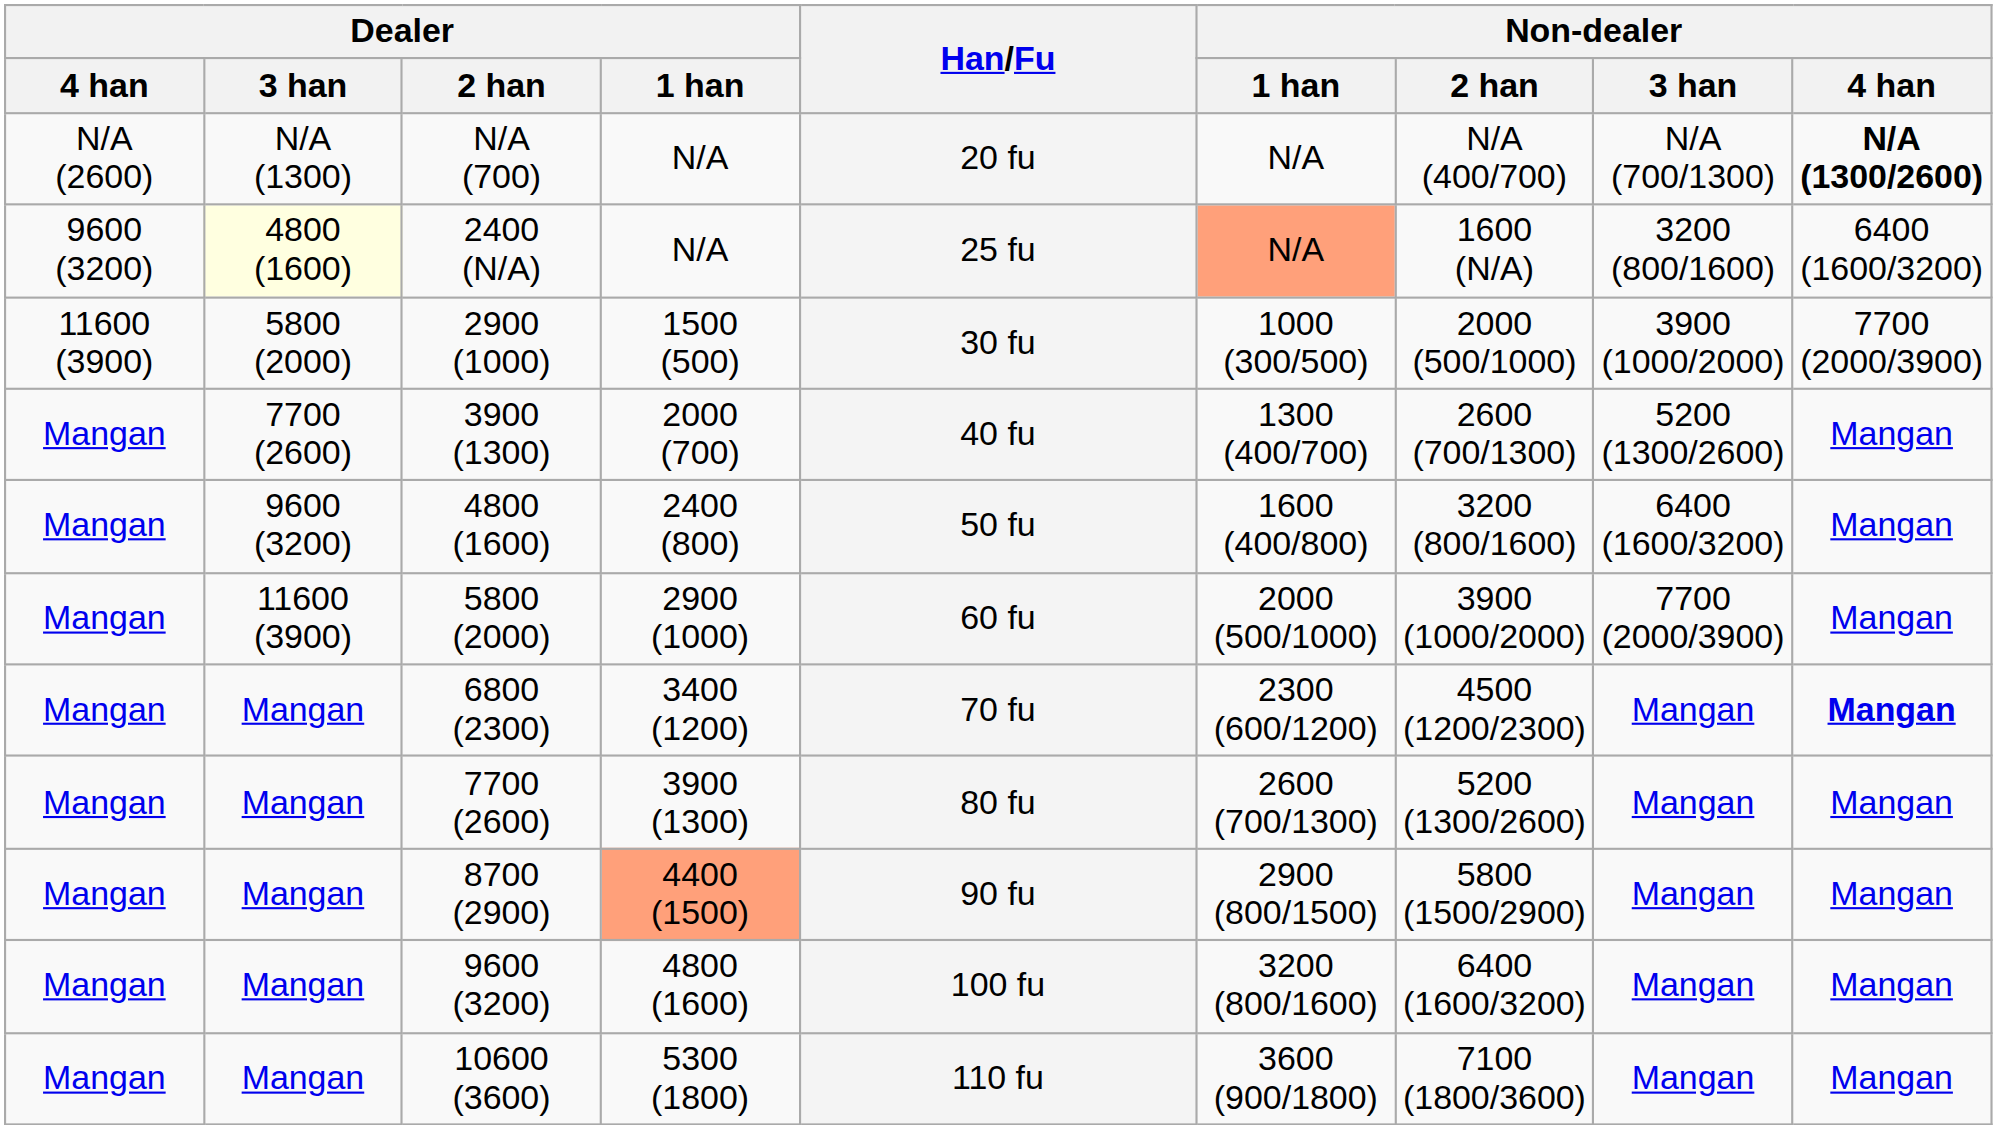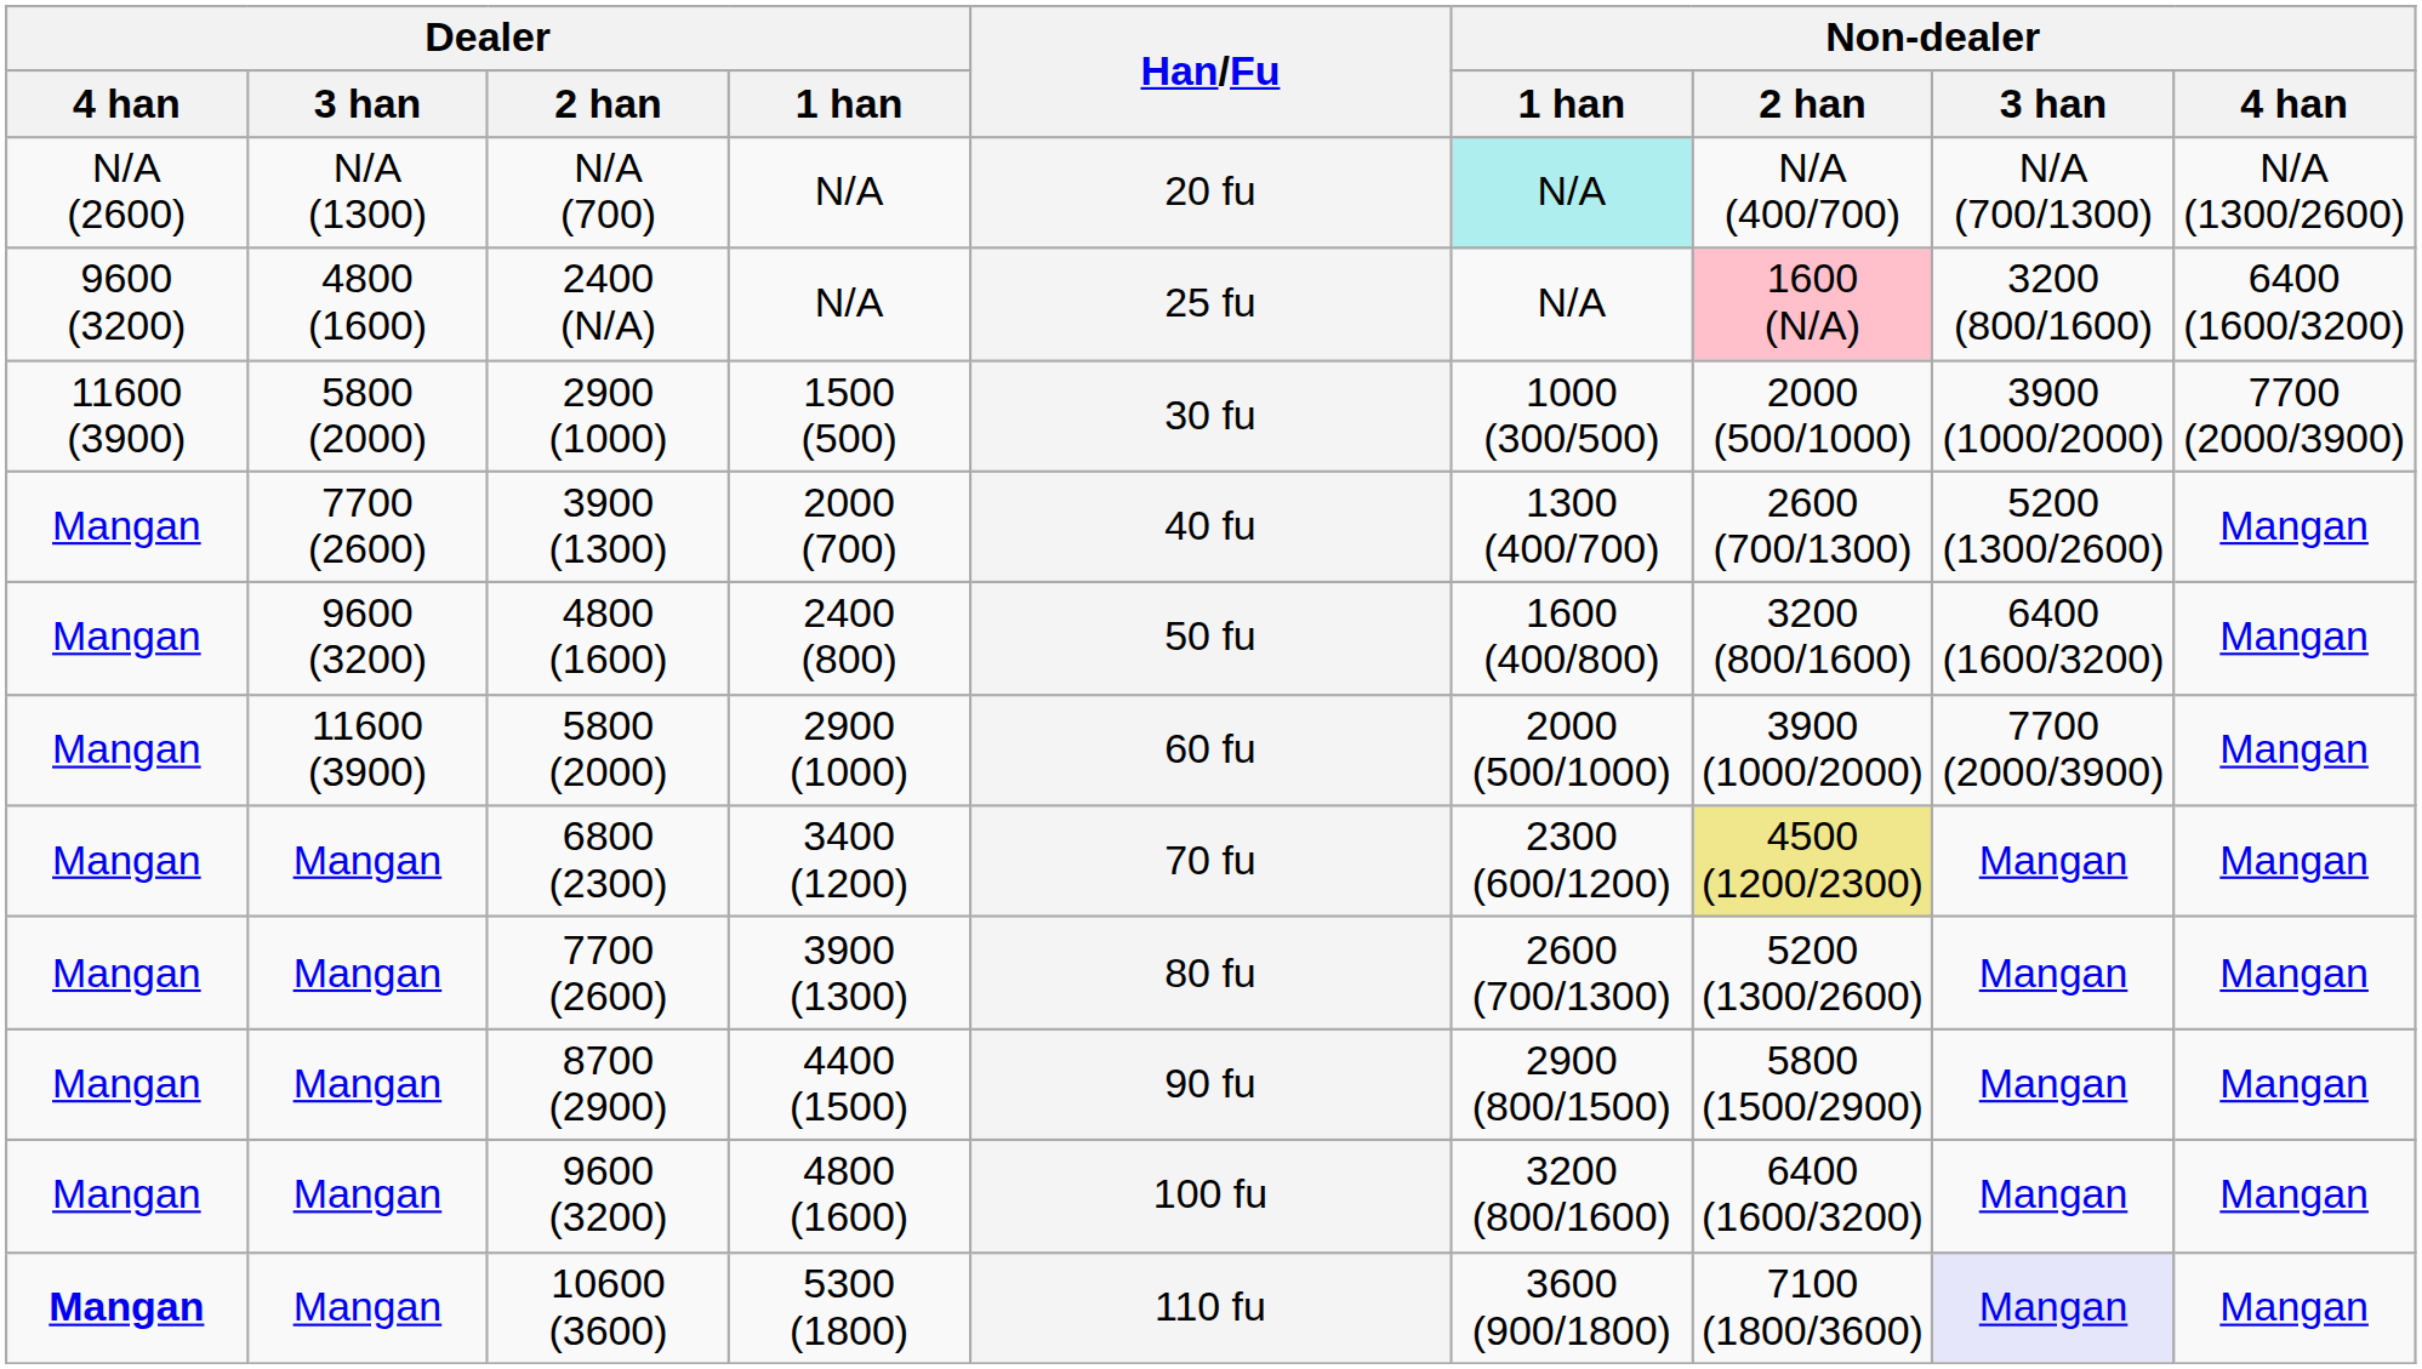 <table class="wikitable" border="1">
 <tr>
 <th colspan="4">Dealer</th>
 <th rowspan="2"><a href='#'>Han</a>/<a href='#'>Fu</a></th>
 <th colspan="4">Non-dealer</th>
 </tr>
 <tr>
 <th>4 han</th>
 <th>3 han</th>
 <th>2 han</th>
 <th>1 han</th>
 <th>1 han</th>
 <th>2 han</th>
 <th>3 han</th>
 <th>4 han</th>
 </tr>
 <tr align="center">
 <td width="10%">N/A <br> (2600)</td>
 <td width="10%">N/A <br> (1300)</td>
 <td width="10%">N/A <br> (700)</td>
 <td width="10%">N/A</td>
 <td style="background: #F4F4F4">20 fu</td>
-<td width="10%">N/A</td>
+<td width="10%" style="background: paleturquoise;">N/A</td>
 <td width="10%">N/A <br> (400/700)</td>
 <td width="10%">N/A <br> (700/1300)</td>
-<td width="10%"><strong>N/A <br> (1300/2600)</strong></td>
+<td width="10%">N/A <br> (1300/2600)</td>
 </tr>
 <tr align="center">
 <td>9600 <br> (3200)</td>
-<td style="background: lightyellow;">4800 <br> (1600)</td>
+<td>4800 <br> (1600)</td>
 <td>2400 <br> (N/A)</td>
 <td>N/A</td>
 <td style="background: #F4F4F4">25 fu</td>
-<td style="background: lightsalmon;">N/A</td>
-<td>1600 <br> (N/A)</td>
+<td>N/A</td>
+<td style="background: pink;">1600 <br> (N/A)</td>
 <td>3200<br> (800/1600)</td>
 <td>6400 <br> (1600/3200)</td>
 </tr>
 <tr align="center">
 <td>11600 <br> (3900)</td>
 <td>5800 <br> (2000)</td>
 <td>2900 <br> (1000)</td>
 <td>1500 <br> (500)</td>
 <td style="background: #F4F4F4">30 fu</td>
 <td>1000 <br> (300/500)</td>
 <td>2000 <br> (500/1000)</td>
 <td>3900 <br> (1000/2000)</td>
 <td>7700 <br> (2000/3900)</td>
 </tr>
 <tr align="center">
 <td><a href='#'>Mangan</a></td>
 <td>7700 <br> (2600)</td>
 <td>3900 <br> (1300)</td>
 <td>2000 <br> (700)</td>
 <td style="background: #F4F4F4">40 fu</td>
 <td>1300 <br> (400/700)</td>
 <td>2600 <br> (700/1300)</td>
 <td>5200 <br> (1300/2600)</td>
 <td><a href='#'>Mangan</a></td>
 </tr>
 <tr align="center">
 <td><a href='#'>Mangan</a></td>
 <td>9600 <br> (3200)</td>
 <td>4800 <br> (1600)</td>
 <td>2400 <br> (800)</td>
 <td style="background: #F4F4F4">50 fu</td>
 <td>1600 <br> (400/800)</td>
 <td>3200 <br> (800/1600)</td>
 <td>6400 <br> (1600/3200)</td>
 <td><a href='#'>Mangan</a></td>
 </tr>
 <tr align="center">
 <td><a href='#'>Mangan</a></td>
 <td>11600 <br> (3900)</td>
 <td>5800 <br> (2000)</td>
 <td>2900 <br> (1000)</td>
 <td style="background: #F4F4F4">60 fu</td>
 <td>2000 <br> (500/1000)</td>
 <td>3900 <br> (1000/2000)</td>
 <td>7700 <br> (2000/3900)</td>
 <td><a href='#'>Mangan</a></td>
 </tr>
 <tr align="center">
 <td><a href='#'>Mangan</a></td>
 <td><a href='#'>Mangan</a></td>
 <td>6800 <br> (2300)</td>
 <td>3400 <br> (1200)</td>
 <td style="background: #F4F4F4">70 fu</td>
 <td>2300 <br> (600/1200)</td>
-<td>4500 <br> (1200/2300)</td>
+<td style="background: khaki;">4500 <br> (1200/2300)</td>
 <td><a href='#'>Mangan</a></td>
-<td><strong><a href='#'>Mangan</a></strong></td>
+<td><a href='#'>Mangan</a></td>
 </tr>
 <tr align="center">
 <td><a href='#'>Mangan</a></td>
 <td><a href='#'>Mangan</a></td>
 <td>7700 <br> (2600)</td>
 <td>3900 <br> (1300)</td>
 <td style="background: #F4F4F4">80 fu</td>
 <td>2600 <br> (700/1300)</td>
 <td>5200 <br> (1300/2600)</td>
 <td><a href='#'>Mangan</a></td>
 <td><a href='#'>Mangan</a></td>
 </tr>
 <tr align="center">
 <td><a href='#'>Mangan</a></td>
 <td><a href='#'>Mangan</a></td>
 <td>8700 <br> (2900)</td>
-<td style="background: lightsalmon;">4400 <br> (1500)</td>
+<td>4400 <br> (1500)</td>
 <td style="background: #F4F4F4">90 fu</td>
 <td>2900 <br> (800/1500)</td>
 <td>5800 <br> (1500/2900)</td>
 <td><a href='#'>Mangan</a></td>
 <td><a href='#'>Mangan</a></td>
 </tr>
 <tr align="center">
 <td><a href='#'>Mangan</a></td>
 <td><a href='#'>Mangan</a></td>
 <td>9600 <br> (3200)</td>
 <td>4800 <br> (1600)</td>
 <td style="background: #F4F4F4">100 fu</td>
 <td>3200 <br> (800/1600)</td>
 <td>6400 <br> (1600/3200)</td>
 <td><a href='#'>Mangan</a></td>
 <td><a href='#'>Mangan</a></td>
 </tr>
 <tr align="center">
-<td><a href='#'>Mangan</a></td>
+<td><strong><a href='#'>Mangan</a></strong></td>
 <td><a href='#'>Mangan</a></td>
 <td>10600 <br> (3600)</td>
 <td>5300 <br> (1800)</td>
 <td style="background: #F4F4F4">110 fu</td>
 <td>3600 <br> (900/1800)</td>
 <td>7100 <br> (1800/3600)</td>
-<td><a href='#'>Mangan</a></td>
+<td style="background: lavender;"><a href='#'>Mangan</a></td>
 <td><a href='#'>Mangan</a></td>
 </tr>
 </table>
